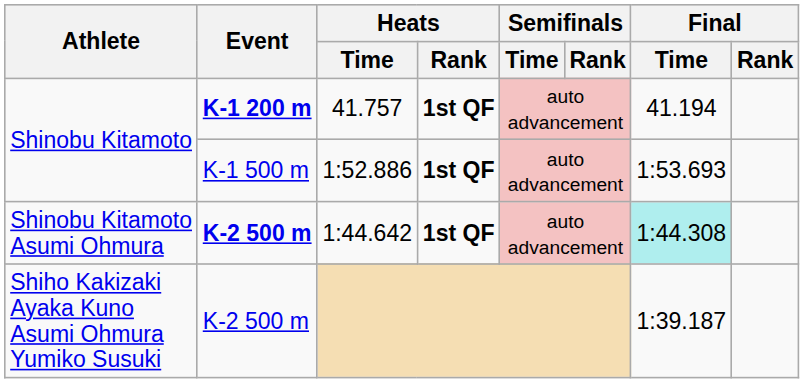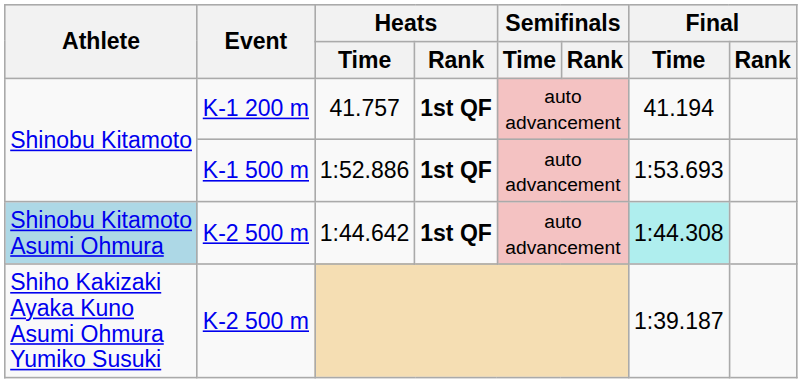 <table class=wikitable style="font-size:90%">
 <tr>
 <th rowspan=2>Athlete</th>
 <th rowspan=2>Event</th>
 <th colspan=2>Heats</th>
 <th colspan=2>Semifinals</th>
 <th colspan=2>Final</th>
 </tr>
 <tr>
 <th>Time</th>
 <th>Rank</th>
 <th>Time</th>
 <th>Rank</th>
 <th>Time</th>
 <th>Rank</th>
 </tr>
 <tr>
 <td rowspan=2><a href='#'>Shinobu Kitamoto</a></td>
-<td><strong><a href='#'>K-1 200 m</a></strong></td>
+<td><a href='#'>K-1 200 m</a></td>
 <td align=center>41.757</td>
 <td align=center><strong>1st QF</strong></td>
 <td colspan="2" style="text-align:center; background:#f4c2c2;"><small>auto<br>advancement</small></td>
 <td align=center>41.194</td>
 <td align=center></td>
 </tr>
 <tr>
 <td><a href='#'>K-1 500 m</a></td>
 <td align=center>1:52.886</td>
 <td align=center><strong>1st QF</strong></td>
 <td colspan="2" style="text-align:center; background:#f4c2c2;"><small>auto<br>advancement</small></td>
 <td align=center>1:53.693</td>
 <td align=center></td>
 </tr>
 <tr>
-<td><a href='#'>Shinobu Kitamoto</a><br><a href='#'>Asumi Ohmura</a></td>
-<td><strong><a href='#'>K-2 500 m</a></strong></td>
+<td style="background: lightblue;"><a href='#'>Shinobu Kitamoto</a><br><a href='#'>Asumi Ohmura</a></td>
+<td><a href='#'>K-2 500 m</a></td>
 <td align=center>1:44.642</td>
 <td align=center><strong>1st QF</strong></td>
 <td colspan="2" style="text-align:center; background:#f4c2c2;"><small>auto<br>advancement</small></td>
 <td align=center style="background: paleturquoise;">1:44.308</td>
 <td align=center></td>
 </tr>
 <tr>
 <td><a href='#'>Shiho Kakizaki</a><br><a href='#'>Ayaka Kuno</a><br><a href='#'>Asumi Ohmura</a><br><a href='#'>Yumiko Susuki</a></td>
 <td><a href='#'>K-2 500 m</a></td>
 <td style="background:wheat;" colspan=4></td>
 <td align=center>1:39.187</td>
 <td align=center></td>
 </tr>
 </table>
